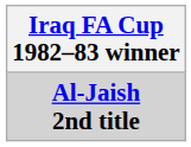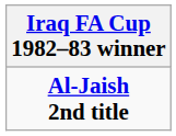 <table class="wikitable" style="text-align: center; margin: 0 auto;">
 <tr>
 <th><a href='#'>Iraq FA Cup</a><br>1982–83 winner</th>
 </tr>
 <tr>
-<td style="background: lightgrey;"><strong><a href='#'>Al-Jaish</a></strong><br><strong>2nd title</strong></td>
+<td><strong><a href='#'>Al-Jaish</a></strong><br><strong>2nd title</strong></td>
 </tr>
 </table>
